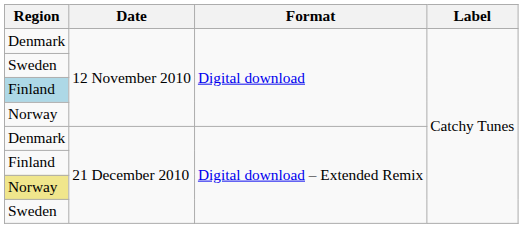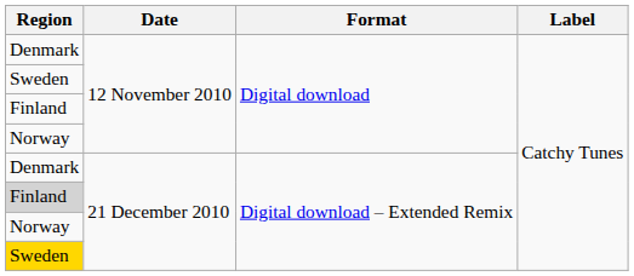 <table class=wikitable>
 <tr>
 <th>Region</th>
 <th>Date</th>
 <th>Format</th>
 <th>Label</th>
 </tr>
 <tr>
 <td>Denmark</td>
 <td rowspan="4">12 November 2010</td>
 <td rowspan="4"><a href='#'>Digital download</a></td>
 <td rowspan="8">Catchy Tunes</td>
 </tr>
 <tr>
 <td>Sweden</td>
 </tr>
 <tr>
-<td style="background: lightblue;">Finland</td>
+<td>Finland</td>
 </tr>
 <tr>
 <td>Norway</td>
 </tr>
 <tr>
 <td>Denmark</td>
 <td rowspan="4">21 December 2010</td>
 <td rowspan="4"><a href='#'>Digital download</a> – Extended Remix</td>
 </tr>
 <tr>
-<td>Finland</td>
+<td style="background: lightgrey;">Finland</td>
 </tr>
 <tr>
-<td style="background: khaki;">Norway</td>
+<td>Norway</td>
 </tr>
 <tr>
-<td>Sweden</td>
+<td style="background: gold;">Sweden</td>
 </tr>
 </table>
